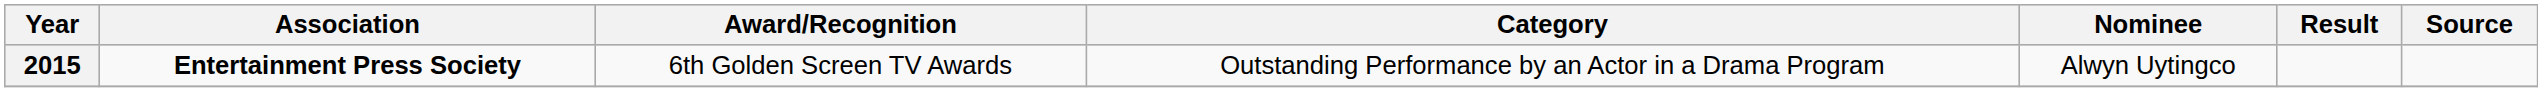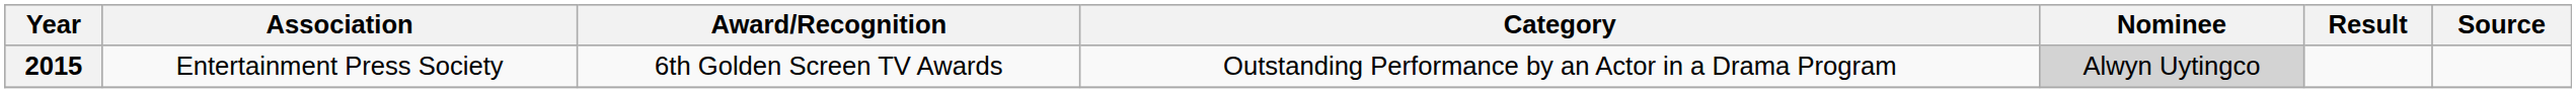 <table class="wikitable" style="text-align:center; font-size:100%; line-height:18px;"  width="100%">
 <tr>
 <th>Year</th>
 <th>Association</th>
 <th>Award/Recognition</th>
 <th>Category</th>
 <th>Nominee</th>
 <th>Result</th>
 <th>Source</th>
 </tr>
 <tr>
 <th rowspan="1">2015</th>
-<td rowspan="1"><strong>Entertainment Press Society</strong></td>
+<td rowspan="1">Entertainment Press Society</td>
 <td rowspan="1">6th Golden Screen TV Awards</td>
 <td>Outstanding Performance by an Actor in a Drama Program</td>
-<td>Alwyn Uytingco</td>
+<td style="background: lightgrey;">Alwyn Uytingco</td>
 <td></td>
 <td></td>
 </tr>
 <tr>
 </tr>
 </table>
